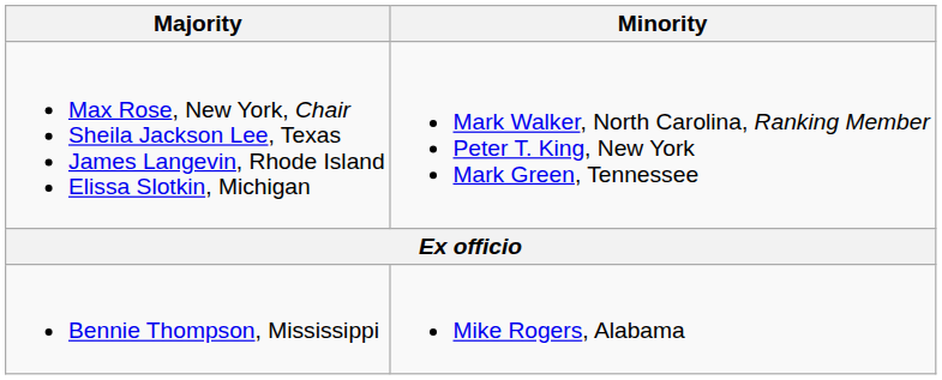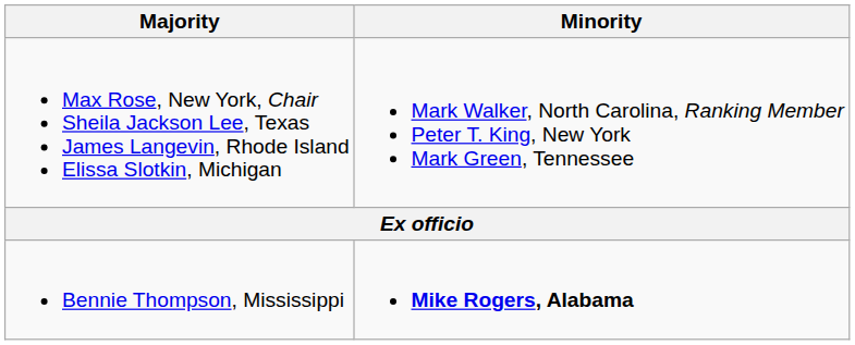 <table class=wikitable>
 <tr>
 <th>Majority</th>
 <th>Minority</th>
 </tr>
 <tr>
 <td><br><ul><li><a href='#'>Max Rose</a>, New York, <em>Chair</em></li><li><a href='#'>Sheila Jackson Lee</a>, Texas</li><li><a href='#'>James Langevin</a>, Rhode Island</li><li><a href='#'>Elissa Slotkin</a>, Michigan</li></ul></td>
 <td><br><ul><li><a href='#'>Mark Walker</a>, North Carolina, <em>Ranking Member</em></li><li><a href='#'>Peter T. King</a>, New York</li><li><a href='#'>Mark Green</a>, Tennessee</li></ul></td>
 </tr>
 <tr>
 <th colspan=2><em>Ex officio</em></th>
 </tr>
 <tr>
 <td><br><ul><li><a href='#'>Bennie Thompson</a>, Mississippi</li></ul></td>
-<td><br><ul><li><a href='#'>Mike Rogers</a>, Alabama</li></ul></td>
+<td><strong><br><ul><li><a href='#'>Mike Rogers</a>, Alabama</li></ul></strong></td>
 </tr>
 </table>
